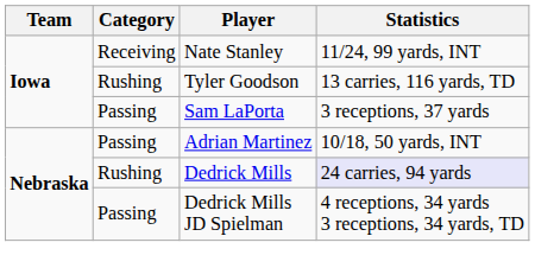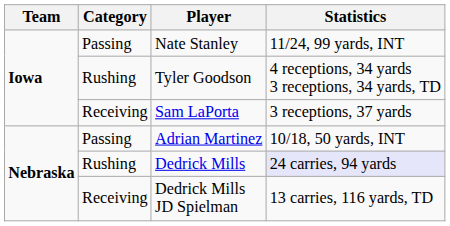 <table class="wikitable" style="float: left;">
 <tr>
 <th>Team</th>
 <th>Category</th>
 <th>Player</th>
 <th>Statistics</th>
 </tr>
 <tr>
 <td rowspan=3><strong>Iowa</strong></td>
-<td>Receiving</td>
+<td>Passing</td>
 <td>Nate Stanley</td>
 <td>11/24, 99 yards, INT</td>
 </tr>
 <tr>
 <td>Rushing</td>
 <td>Tyler Goodson</td>
-<td>13 carries, 116 yards, TD</td>
+<td>4 receptions, 34 yards<br>3 receptions, 34 yards, TD</td>
 </tr>
 <tr>
-<td>Passing</td>
+<td>Receiving</td>
 <td><a href='#'>Sam LaPorta</a></td>
 <td>3 receptions, 37 yards</td>
 </tr>
 <tr>
 <td rowspan=3><strong>Nebraska</strong></td>
 <td>Passing</td>
 <td><a href='#'>Adrian Martinez</a></td>
 <td>10/18, 50 yards, INT</td>
 </tr>
 <tr>
 <td>Rushing</td>
 <td><a href='#'>Dedrick Mills</a></td>
 <td style="background: lavender;">24 carries, 94 yards</td>
 </tr>
 <tr>
-<td>Passing</td>
+<td>Receiving</td>
 <td>Dedrick Mills<br>JD Spielman</td>
-<td>4 receptions, 34 yards<br>3 receptions, 34 yards, TD</td>
+<td>13 carries, 116 yards, TD</td>
 </tr>
 </table>
